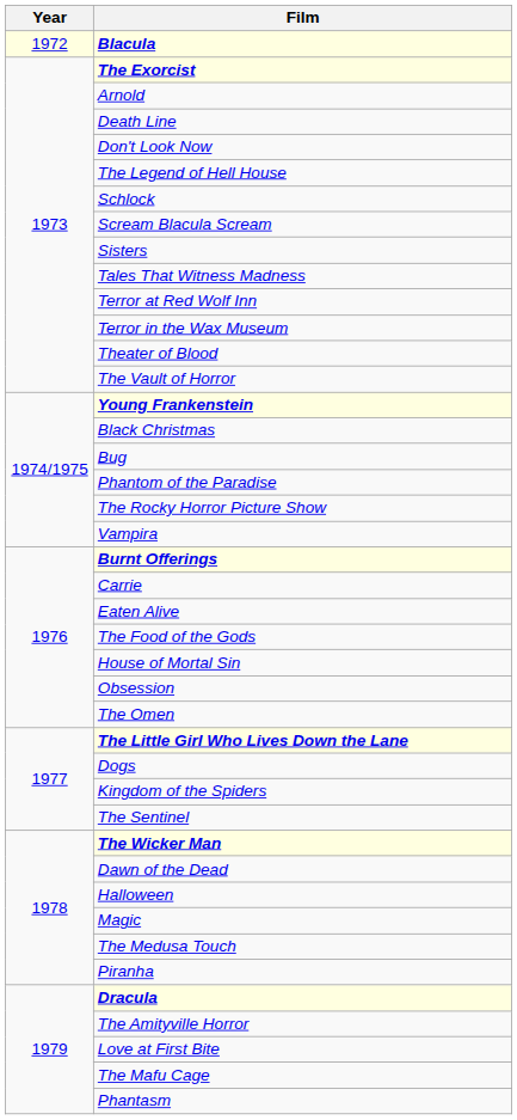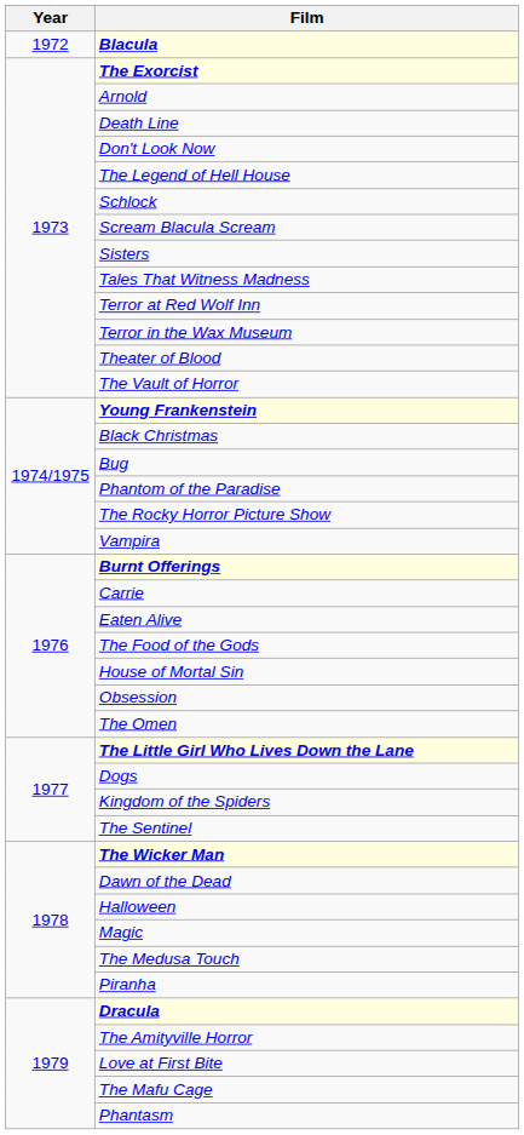 <table width="500" align="centre" class="wikitable">
 <tr>
 <th width="80">Year</th>
 <th>Film</th>
 </tr>
 <tr>
-<td rowspan="1" style="background: lightyellow; text-align:center;"><a href='#'>1972</a></td>
+<td rowspan="1" style="text-align:center;"><a href='#'>1972</a></td>
 <td style="background:lightyellow"><strong><em><a href='#'>Blacula</a></em></strong></td>
 </tr>
 <tr>
 <td rowspan="13" style="text-align:center;"><a href='#'>1973</a></td>
 <td style="background:lightyellow"><strong><em><a href='#'>The Exorcist</a></em></strong></td>
 </tr>
 <tr>
 <td><em><a href='#'>Arnold</a></em></td>
 </tr>
 <tr>
 <td><em><a href='#'>Death Line</a></em></td>
 </tr>
 <tr>
 <td><em><a href='#'>Don't Look Now</a></em></td>
 </tr>
 <tr>
 <td><em><a href='#'>The Legend of Hell House</a></em></td>
 </tr>
 <tr>
 <td><em><a href='#'>Schlock</a></em></td>
 </tr>
 <tr>
 <td><em><a href='#'>Scream Blacula Scream</a></em></td>
 </tr>
 <tr>
 <td><em><a href='#'>Sisters</a></em></td>
 </tr>
 <tr>
 <td><em><a href='#'>Tales That Witness Madness</a></em></td>
 </tr>
 <tr>
 <td><em><a href='#'>Terror at Red Wolf Inn</a></em></td>
 </tr>
 <tr>
 <td><em><a href='#'>Terror in the Wax Museum</a></em></td>
 </tr>
 <tr>
 <td><em><a href='#'>Theater of Blood</a></em></td>
 </tr>
 <tr>
 <td><em><a href='#'>The Vault of Horror</a></em></td>
 </tr>
 <tr>
 <td rowspan="6" style="text-align:center;"><a href='#'>1974/1975</a></td>
 <td style="background:lightyellow"><strong><em><a href='#'>Young Frankenstein</a></em></strong></td>
 </tr>
 <tr>
 <td><em><a href='#'>Black Christmas</a></em></td>
 </tr>
 <tr>
 <td><em><a href='#'>Bug</a></em></td>
 </tr>
 <tr>
 <td><em><a href='#'>Phantom of the Paradise</a></em></td>
 </tr>
 <tr>
 <td><em><a href='#'>The Rocky Horror Picture Show</a></em></td>
 </tr>
 <tr>
 <td><em><a href='#'>Vampira</a></em></td>
 </tr>
 <tr>
 <td rowspan="7" style="text-align:center;"><a href='#'>1976</a></td>
 <td style="background:lightyellow"><strong><em><a href='#'>Burnt Offerings</a></em></strong></td>
 </tr>
 <tr>
 <td><em><a href='#'>Carrie</a></em></td>
 </tr>
 <tr>
 <td><em><a href='#'>Eaten Alive</a></em></td>
 </tr>
 <tr>
 <td><em><a href='#'>The Food of the Gods</a></em></td>
 </tr>
 <tr>
 <td><em><a href='#'>House of Mortal Sin</a></em></td>
 </tr>
 <tr>
 <td><em><a href='#'>Obsession</a></em></td>
 </tr>
 <tr>
 <td><em><a href='#'>The Omen</a></em></td>
 </tr>
 <tr>
 <td rowspan="4" style="text-align:center;"><a href='#'>1977</a></td>
 <td style="background:lightyellow"><strong><em><a href='#'>The Little Girl Who Lives Down the Lane</a></em></strong></td>
 </tr>
 <tr>
 <td><em><a href='#'>Dogs</a></em></td>
 </tr>
 <tr>
 <td><em><a href='#'>Kingdom of the Spiders</a></em></td>
 </tr>
 <tr>
 <td><em><a href='#'>The Sentinel</a></em></td>
 </tr>
 <tr>
 <td rowspan="6" style="text-align:center;"><a href='#'>1978</a></td>
 <td style="background:lightyellow"><strong><em><a href='#'>The Wicker Man</a></em></strong></td>
 </tr>
 <tr>
 <td><em><a href='#'>Dawn of the Dead</a></em></td>
 </tr>
 <tr>
 <td><em><a href='#'>Halloween</a></em></td>
 </tr>
 <tr>
 <td><em><a href='#'>Magic</a></em></td>
 </tr>
 <tr>
 <td><em><a href='#'>The Medusa Touch</a></em></td>
 </tr>
 <tr>
 <td><em><a href='#'>Piranha</a></em></td>
 </tr>
 <tr>
 <td rowspan="5" style="text-align:center;"><a href='#'>1979</a></td>
 <td style="background:lightyellow"><strong><em><a href='#'>Dracula</a></em></strong></td>
 </tr>
 <tr>
 <td><em><a href='#'>The Amityville Horror</a></em></td>
 </tr>
 <tr>
 <td><em><a href='#'>Love at First Bite</a></em></td>
 </tr>
 <tr>
 <td><em><a href='#'>The Mafu Cage</a></em></td>
 </tr>
 <tr>
 <td><em><a href='#'>Phantasm</a></em></td>
 </tr>
 </table>
